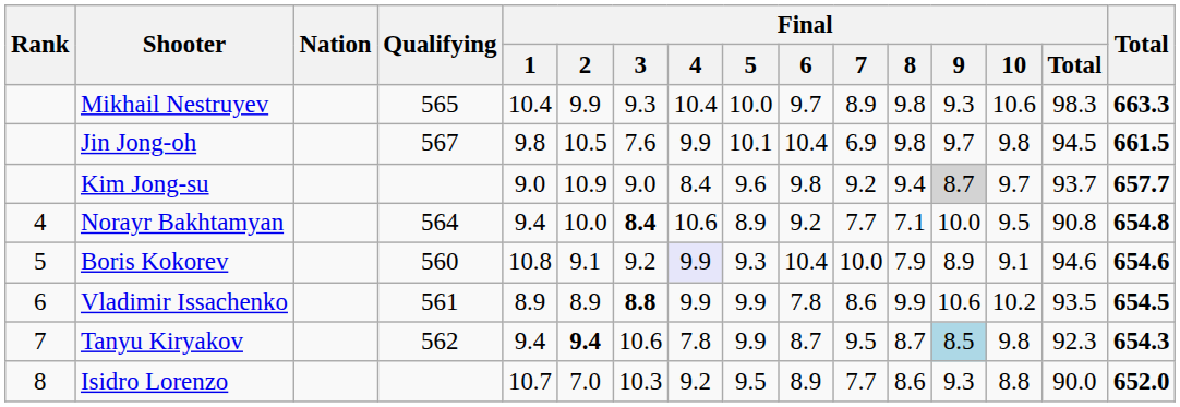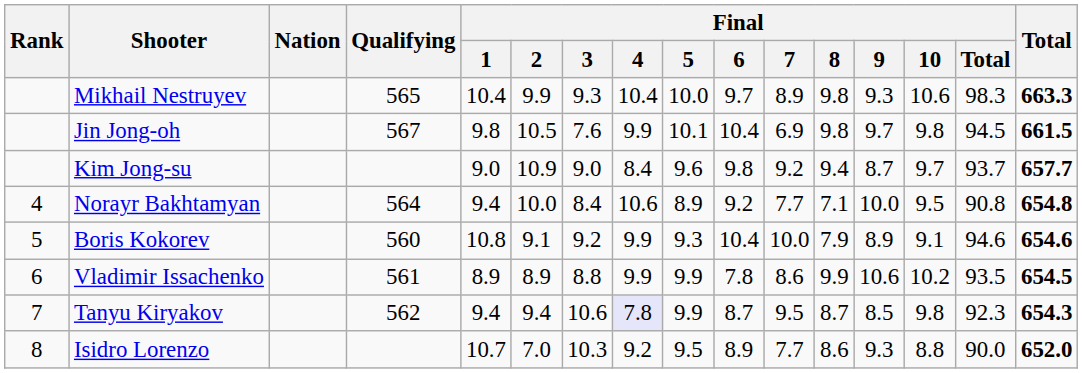 <table class="wikitable sortable" style="text-align: center">
 <tr>
 <th rowspan=2>Rank</th>
 <th rowspan=2>Shooter</th>
 <th rowspan=2>Nation</th>
 <th rowspan=2>Qualifying</th>
 <th colspan=11>Final</th>
 <th rowspan=2>Total</th>
 </tr>
 <tr>
 <th>1</th>
 <th>2</th>
 <th>3</th>
 <th>4</th>
 <th>5</th>
 <th>6</th>
 <th>7</th>
 <th>8</th>
 <th>9</th>
 <th>10</th>
 <th>Total</th>
 </tr>
 <tr>
 <td></td>
 <td align=left><a href='#'>Mikhail Nestruyev</a></td>
 <td align=left></td>
 <td>565</td>
 <td>10.4</td>
 <td>9.9</td>
 <td>9.3</td>
 <td>10.4</td>
 <td>10.0</td>
 <td>9.7</td>
 <td>8.9</td>
 <td>9.8</td>
 <td>9.3</td>
 <td>10.6</td>
 <td>98.3</td>
 <td><strong>663.3</strong></td>
 </tr>
 <tr>
 <td></td>
 <td align=left><a href='#'>Jin Jong-oh</a></td>
 <td align=left></td>
 <td>567</td>
 <td>9.8</td>
 <td>10.5</td>
 <td>7.6</td>
 <td>9.9</td>
 <td>10.1</td>
 <td>10.4</td>
 <td>6.9</td>
 <td>9.8</td>
 <td>9.7</td>
 <td>9.8</td>
 <td>94.5</td>
 <td><strong>661.5</strong></td>
 </tr>
 <tr>
 <td></td>
 <td align=left><a href='#'>Kim Jong-su</a></td>
 <td align=left></td>
 <td></td>
 <td>9.0</td>
 <td>10.9</td>
 <td>9.0</td>
 <td>8.4</td>
 <td>9.6</td>
 <td>9.8</td>
 <td>9.2</td>
 <td>9.4</td>
-<td style="background: lightgrey;">8.7</td>
+<td>8.7</td>
 <td>9.7</td>
 <td>93.7</td>
 <td><strong>657.7</strong></td>
 </tr>
 <tr>
 <td>4</td>
 <td align=left><a href='#'>Norayr Bakhtamyan</a></td>
 <td align=left></td>
 <td>564</td>
 <td>9.4</td>
 <td>10.0</td>
-<td><strong>8.4</strong></td>
+<td>8.4</td>
 <td>10.6</td>
 <td>8.9</td>
 <td>9.2</td>
 <td>7.7</td>
 <td>7.1</td>
 <td>10.0</td>
 <td>9.5</td>
 <td>90.8</td>
 <td><strong>654.8</strong></td>
 </tr>
 <tr>
 <td>5</td>
 <td align=left><a href='#'>Boris Kokorev</a></td>
 <td align=left></td>
 <td>560</td>
 <td>10.8</td>
 <td>9.1</td>
 <td>9.2</td>
-<td style="background: lavender;">9.9</td>
+<td>9.9</td>
 <td>9.3</td>
 <td>10.4</td>
 <td>10.0</td>
 <td>7.9</td>
 <td>8.9</td>
 <td>9.1</td>
 <td>94.6</td>
 <td><strong>654.6</strong></td>
 </tr>
 <tr>
 <td>6</td>
 <td align=left><a href='#'>Vladimir Issachenko</a></td>
 <td align=left></td>
 <td>561</td>
 <td>8.9</td>
 <td>8.9</td>
-<td><strong>8.8</strong></td>
+<td>8.8</td>
 <td>9.9</td>
 <td>9.9</td>
 <td>7.8</td>
 <td>8.6</td>
 <td>9.9</td>
 <td>10.6</td>
 <td>10.2</td>
 <td>93.5</td>
 <td><strong>654.5</strong></td>
 </tr>
 <tr>
 <td>7</td>
 <td align=left><a href='#'>Tanyu Kiryakov</a></td>
 <td align=left></td>
 <td>562</td>
 <td>9.4</td>
-<td><strong>9.4</strong></td>
+<td>9.4</td>
 <td>10.6</td>
-<td>7.8</td>
+<td style="background: lavender;">7.8</td>
 <td>9.9</td>
 <td>8.7</td>
 <td>9.5</td>
 <td>8.7</td>
-<td style="background: lightblue;">8.5</td>
+<td>8.5</td>
 <td>9.8</td>
 <td>92.3</td>
 <td><strong>654.3</strong></td>
 </tr>
 <tr>
 <td>8</td>
 <td align=left><a href='#'>Isidro Lorenzo</a></td>
 <td align=left></td>
 <td></td>
 <td>10.7</td>
 <td>7.0</td>
 <td>10.3</td>
 <td>9.2</td>
 <td>9.5</td>
 <td>8.9</td>
 <td>7.7</td>
 <td>8.6</td>
 <td>9.3</td>
 <td>8.8</td>
 <td>90.0</td>
 <td><strong>652.0</strong></td>
 </tr>
 </table>
